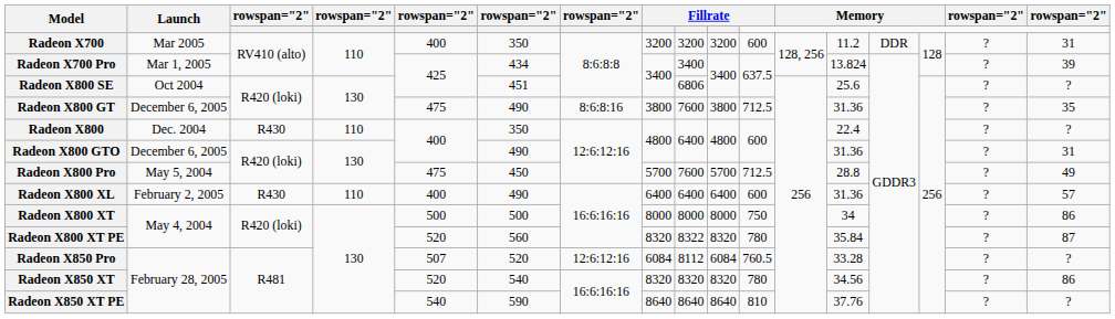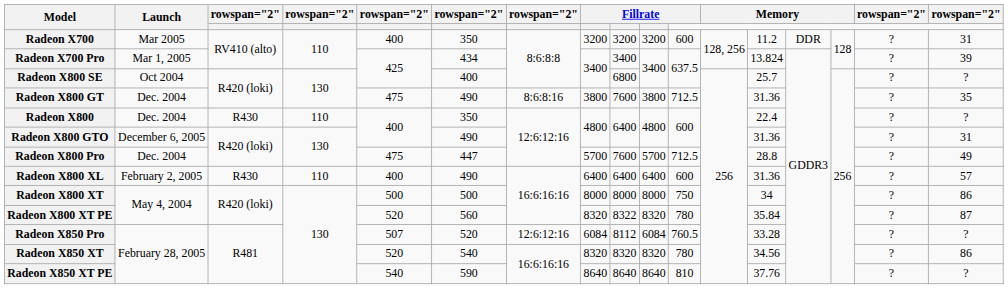 <table class="mw-datatable wikitable sortable" style="font-size:85%; text-align:center;">
 <tr>
 <th rowspan="2">Model</th>
 <th rowspan="2">Launch</th>
 <th>rowspan="2" </th>
 <th>rowspan="2" </th>
 <th>rowspan="2" </th>
 <th>rowspan="2" </th>
 <th>rowspan="2" </th>
 <th colspan="4"><a href='#'>Fillrate</a></th>
 <th colspan="4">Memory</th>
 <th>rowspan="2" </th>
 <th>rowspan="2" </th>
 </tr>
 <tr>
 <th></th>
 <th></th>
 <th></th>
 <th></th>
 <th></th>
 <th></th>
 <th></th>
 <th></th>
 </tr>
 <tr>
 <th>Radeon X700</th>
 <td>Mar 2005</td>
 <td rowspan="2">RV410 (alto)</td>
 <td rowspan="2">110</td>
 <td>400</td>
 <td>350</td>
 <td rowspan="3">8:6:8:8</td>
 <td>3200</td>
 <td>3200</td>
 <td>3200</td>
 <td>600</td>
 <td rowspan="2">128, 256</td>
 <td>11.2</td>
 <td>DDR</td>
 <td rowspan="2">128</td>
 <td>?</td>
 <td>31</td>
 </tr>
 <tr>
 <th>Radeon X700 Pro</th>
 <td>Mar 1, 2005</td>
 <td rowspan="2">425</td>
 <td>434</td>
 <td rowspan="2">3400</td>
 <td>3400</td>
 <td rowspan="2">3400</td>
 <td rowspan="2">637.5</td>
 <td>13.824</td>
 <td rowspan="12">GDDR3</td>
 <td>?</td>
 <td>39</td>
 </tr>
 <tr>
 <th>Radeon X800 SE</th>
 <td>Oct 2004</td>
 <td rowspan="2">R420 (loki)</td>
 <td rowspan="2">130</td>
-<td>451</td>
-<td>6806</td>
+<td>400</td>
+<td>6800</td>
 <td rowspan="11">256</td>
-<td>25.6</td>
+<td>25.7</td>
 <td rowspan="11">256</td>
 <td>?</td>
 <td>?</td>
 </tr>
 <tr>
 <th>Radeon X800 GT</th>
-<td>December 6, 2005</td>
+<td>Dec. 2004</td>
 <td>475</td>
 <td>490</td>
 <td>8:6:8:16</td>
 <td>3800</td>
 <td>7600</td>
 <td>3800</td>
 <td>712.5</td>
 <td>31.36</td>
 <td>?</td>
 <td>35</td>
 </tr>
 <tr>
 <th>Radeon X800</th>
 <td>Dec. 2004</td>
 <td>R430</td>
 <td>110</td>
 <td rowspan="2">400</td>
 <td>350</td>
 <td rowspan="3">12:6:12:16</td>
 <td rowspan="2">4800</td>
 <td rowspan="2">6400</td>
 <td rowspan="2">4800</td>
 <td rowspan="2">600</td>
 <td>22.4</td>
 <td>?</td>
 <td>?</td>
 </tr>
 <tr>
 <th>Radeon X800 GTO</th>
 <td>December 6, 2005</td>
 <td rowspan="2">R420 (loki)</td>
 <td rowspan="2">130</td>
 <td>490</td>
 <td>31.36</td>
 <td>?</td>
 <td>31</td>
 </tr>
 <tr>
 <th>Radeon X800 Pro</th>
-<td>May 5, 2004</td>
+<td>Dec. 2004</td>
 <td>475</td>
-<td>450</td>
+<td>447</td>
 <td>5700</td>
 <td>7600</td>
 <td>5700</td>
 <td>712.5</td>
 <td>28.8</td>
 <td>?</td>
 <td>49</td>
 </tr>
 <tr>
 <th>Radeon X800 XL</th>
 <td>February 2, 2005</td>
 <td>R430</td>
 <td>110</td>
 <td>400</td>
 <td>490</td>
 <td rowspan="3">16:6:16:16</td>
 <td>6400</td>
 <td>6400</td>
 <td>6400</td>
 <td>600</td>
 <td>31.36</td>
 <td>?</td>
 <td>57</td>
 </tr>
 <tr>
 <th>Radeon X800 XT</th>
 <td rowspan="2">May 4, 2004</td>
 <td rowspan="2">R420 (loki)</td>
 <td rowspan="5">130</td>
 <td>500</td>
 <td>500</td>
 <td>8000</td>
 <td>8000</td>
 <td>8000</td>
 <td>750</td>
 <td>34</td>
 <td>?</td>
 <td>86</td>
 </tr>
 <tr>
 <th>Radeon X800 XT PE</th>
 <td>520</td>
 <td>560</td>
 <td>8320</td>
 <td>8322</td>
 <td>8320</td>
 <td>780</td>
 <td>35.84</td>
 <td>?</td>
 <td>87</td>
 </tr>
 <tr>
 <th>Radeon X850 Pro</th>
 <td rowspan="3">February 28, 2005</td>
 <td rowspan="3">R481</td>
 <td>507</td>
 <td>520</td>
 <td>12:6:12:16</td>
 <td>6084</td>
 <td>8112</td>
 <td>6084</td>
 <td>760.5</td>
 <td>33.28</td>
 <td>?</td>
 <td>?</td>
 </tr>
 <tr>
 <th>Radeon X850 XT</th>
 <td>520</td>
 <td>540</td>
 <td rowspan="2">16:6:16:16</td>
 <td>8320</td>
 <td>8320</td>
 <td>8320</td>
 <td>780</td>
 <td>34.56</td>
 <td>?</td>
 <td>86</td>
 </tr>
 <tr>
 <th>Radeon X850 XT PE</th>
 <td>540</td>
 <td>590</td>
 <td>8640</td>
 <td>8640</td>
 <td>8640</td>
 <td>810</td>
 <td>37.76</td>
 <td>?</td>
 <td>?</td>
 </tr>
 </table>
